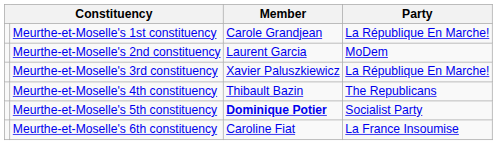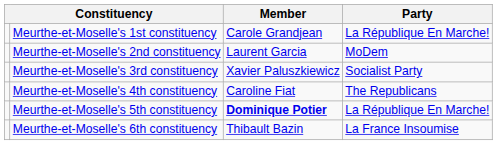 <table class="wikitable">
 <tr>
 <th colspan="2">Constituency</th>
 <th>Member</th>
 <th>Party</th>
 </tr>
 <tr>
 <td style="background-color: "></td>
 <td><a href='#'>Meurthe-et-Moselle's 1st constituency</a></td>
 <td><a href='#'>Carole Grandjean</a></td>
 <td><a href='#'>La République En Marche!</a></td>
 </tr>
 <tr>
 <td style="background-color: "></td>
 <td><a href='#'>Meurthe-et-Moselle's 2nd constituency</a></td>
 <td><a href='#'>Laurent Garcia</a></td>
 <td><a href='#'>MoDem</a></td>
 </tr>
 <tr>
 <td style="background-color: "></td>
 <td><a href='#'>Meurthe-et-Moselle's 3rd constituency</a></td>
 <td><a href='#'>Xavier Paluszkiewicz</a></td>
-<td><a href='#'>La République En Marche!</a></td>
+<td><a href='#'>Socialist Party</a></td>
 </tr>
 <tr>
 <td style="background-color: "></td>
 <td><a href='#'>Meurthe-et-Moselle's 4th constituency</a></td>
-<td><a href='#'>Thibault Bazin</a></td>
+<td><a href='#'>Caroline Fiat</a></td>
 <td><a href='#'>The Republicans</a></td>
 </tr>
 <tr>
 <td style="background-color: "></td>
 <td><a href='#'>Meurthe-et-Moselle's 5th constituency</a></td>
 <td><strong><a href='#'>Dominique Potier</a></strong></td>
-<td><a href='#'>Socialist Party</a></td>
+<td><a href='#'>La République En Marche!</a></td>
 </tr>
 <tr>
 <td style="background-color: "></td>
 <td><a href='#'>Meurthe-et-Moselle's 6th constituency</a></td>
-<td><a href='#'>Caroline Fiat</a></td>
+<td><a href='#'>Thibault Bazin</a></td>
 <td><a href='#'>La France Insoumise</a></td>
 </tr>
 </table>
